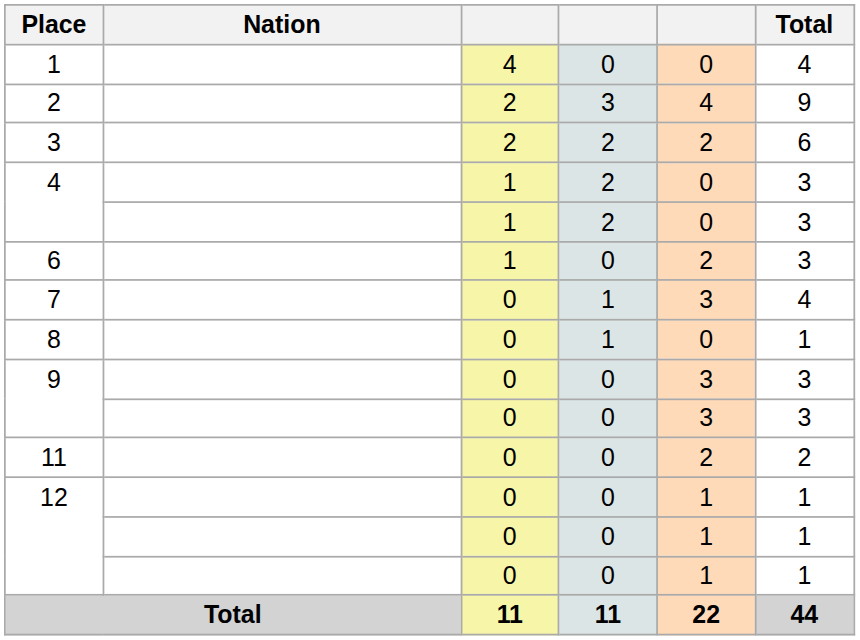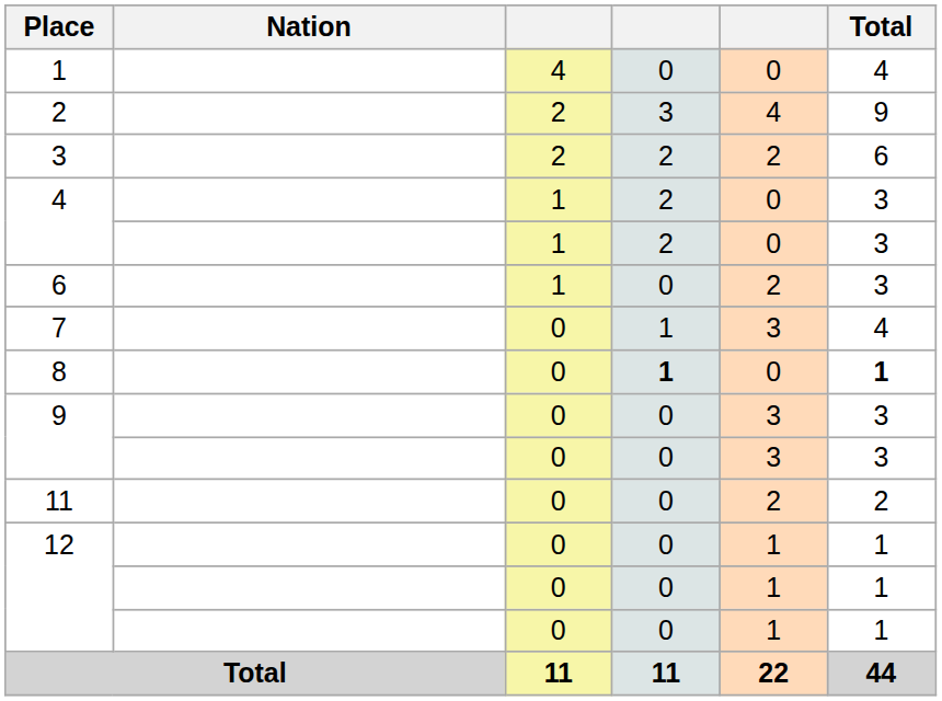 <table class=wikitable style="border:1px solid #AAAAAA;font-size:90%">
 <tr bgcolor="#EFEFEF">
 <th width=50>Place</th>
 <th width=200>Nation</th>
 <th width=50></th>
 <th width=50></th>
 <th width=50></th>
 <th width=50>Total</th>
 </tr>
 <tr align="center" valign="top" bgcolor="#FFFFFF">
 <td>1</td>
 <td align="left"></td>
 <td style="background:#F7F6A8;">4</td>
 <td style="background:#DCE5E5;">0</td>
 <td style="background:#FFDAB9;">0</td>
 <td>4</td>
 </tr>
 <tr align="center" valign="top" bgcolor="#FFFFFF">
 <td>2</td>
 <td align="left"></td>
 <td style="background:#F7F6A8;">2</td>
 <td style="background:#DCE5E5;">3</td>
 <td style="background:#FFDAB9;">4</td>
 <td>9</td>
 </tr>
 <tr align="center" valign="top" bgcolor="#FFFFFF">
 <td>3</td>
 <td align="left"></td>
 <td style="background:#F7F6A8;">2</td>
 <td style="background:#DCE5E5;">2</td>
 <td style="background:#FFDAB9;">2</td>
 <td>6</td>
 </tr>
 <tr align="center" valign="top" bgcolor="#FFFFFF">
 <td rowspan="2" valign="center">4</td>
 <td align="left"></td>
 <td style="background:#F7F6A8;">1</td>
 <td style="background:#DCE5E5;">2</td>
 <td style="background:#FFDAB9;">0</td>
 <td>3</td>
 </tr>
 <tr align="center" valign="top" bgcolor="#FFFFFF">
 <td align="left"></td>
 <td style="background:#F7F6A8;">1</td>
 <td style="background:#DCE5E5;">2</td>
 <td style="background:#FFDAB9;">0</td>
 <td>3</td>
 </tr>
 <tr align="center" valign="top" bgcolor="#FFFFFF">
 <td>6</td>
 <td align="left"></td>
 <td style="background:#F7F6A8;">1</td>
 <td style="background:#DCE5E5;">0</td>
 <td style="background:#FFDAB9;">2</td>
 <td>3</td>
 </tr>
 <tr align="center" valign="top" bgcolor="#FFFFFF">
 <td>7</td>
 <td align="left"></td>
 <td style="background:#F7F6A8;">0</td>
 <td style="background:#DCE5E5;">1</td>
 <td style="background:#FFDAB9;">3</td>
 <td>4</td>
 </tr>
 <tr align="center" valign="top" bgcolor="#FFFFFF">
 <td>8</td>
 <td align="left"></td>
 <td style="background:#F7F6A8;">0</td>
-<td style="background:#DCE5E5;">1</td>
+<td style="background:#DCE5E5;"><strong>1</strong></td>
 <td style="background:#FFDAB9;">0</td>
-<td>1</td>
+<td><strong>1</strong></td>
 </tr>
 <tr align="center" valign="top" bgcolor="#FFFFFF">
 <td rowspan="2" valign="center">9</td>
 <td align="left"></td>
 <td style="background:#F7F6A8;">0</td>
 <td style="background:#DCE5E5;">0</td>
 <td style="background:#FFDAB9;">3</td>
 <td>3</td>
 </tr>
 <tr align="center" valign="top" bgcolor="#FFFFFF">
 <td align="left"></td>
 <td style="background:#F7F6A8;">0</td>
 <td style="background:#DCE5E5;">0</td>
 <td style="background:#FFDAB9;">3</td>
 <td>3</td>
 </tr>
 <tr align="center" valign="top" bgcolor="#FFFFFF">
 <td>11</td>
 <td align="left"></td>
 <td style="background:#F7F6A8;">0</td>
 <td style="background:#DCE5E5;">0</td>
 <td style="background:#FFDAB9;">2</td>
 <td>2</td>
 </tr>
 <tr align="center" valign="top" bgcolor="#FFFFFF">
 <td rowspan="3" valign="center">12</td>
 <td align="left"></td>
 <td style="background:#F7F6A8;">0</td>
 <td style="background:#DCE5E5;">0</td>
 <td style="background:#FFDAB9;">1</td>
 <td>1</td>
 </tr>
 <tr align="center" valign="top" bgcolor="#FFFFFF">
 <td align="left"></td>
 <td style="background:#F7F6A8;">0</td>
 <td style="background:#DCE5E5;">0</td>
 <td style="background:#FFDAB9;">1</td>
 <td>1</td>
 </tr>
 <tr align="center" valign="top" bgcolor="#FFFFFF">
 <td align="left"></td>
 <td style="background:#F7F6A8;">0</td>
 <td style="background:#DCE5E5;">0</td>
 <td style="background:#FFDAB9;">1</td>
 <td>1</td>
 </tr>
 <tr align="center">
 <td colspan="2" bgcolor=D3D3D3><strong>Total</strong></td>
 <td style="background:#F7F6A8;"><strong>11</strong></td>
 <td style="background:#DCE5E5;"><strong>11</strong></td>
 <td style="background:#FFDAB9;"><strong>22</strong></td>
 <td bgcolor=D3D3D3><strong>44</strong></td>
 </tr>
 </table>
